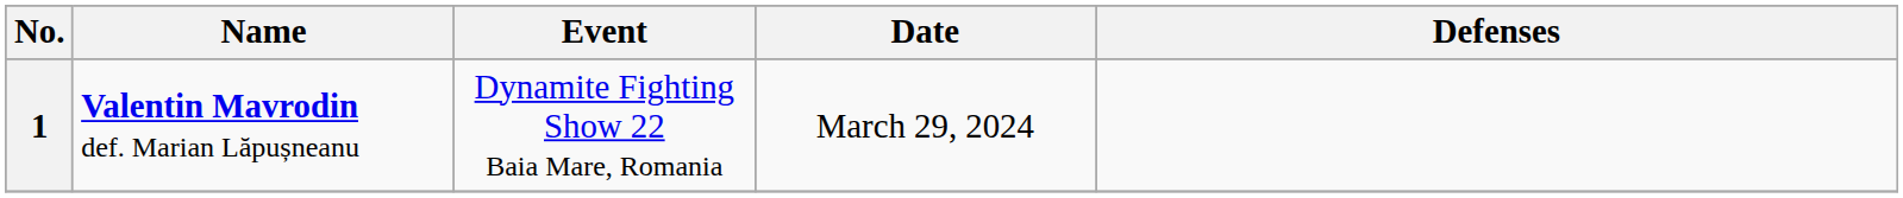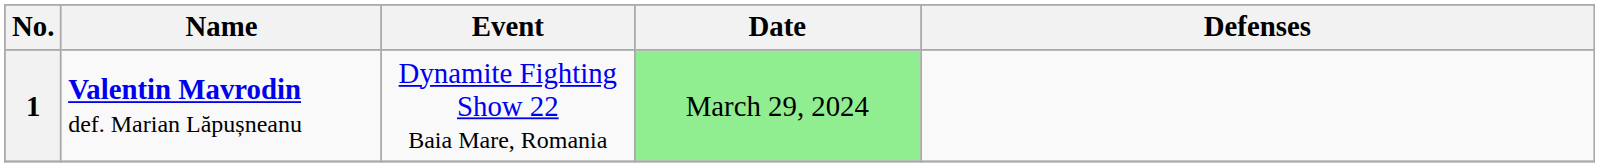 <table class="wikitable" width=100%>
 <tr>
 <th width=1%>No.</th>
 <th width=19%>Name</th>
 <th width=15%>Event</th>
 <th width=17%>Date</th>
 <th width=40%>Defenses</th>
 </tr>
 <tr>
 <th>1</th>
 <td> <strong><a href='#'>Valentin Mavrodin</a></strong><br><small>def. Marian Lăpușneanu</small></td>
 <td align=center><a href='#'>Dynamite Fighting Show 22</a><br><small>	Baia Mare, Romania</small></td>
-<td align=center>March 29, 2024</td>
+<td align=center style="background: lightgreen;">March 29, 2024</td>
 <td></td>
 </tr>
 <tr>
 </tr>
 </table>
